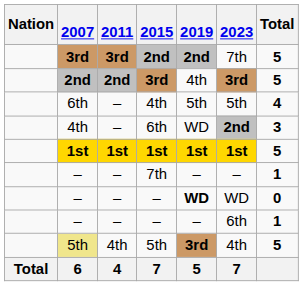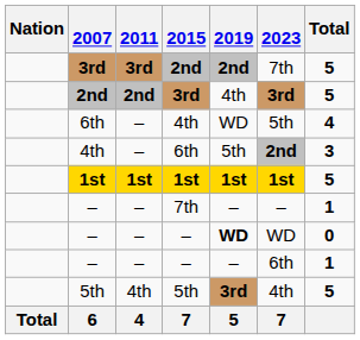 <table class="wikitable" style="text-align:center">
 <tr>
 <th>Nation</th>
 <th><br><a href='#'>2007</a></th>
 <th><br><a href='#'>2011</a></th>
 <th><br><a href='#'>2015</a></th>
 <th><br><a href='#'>2019</a></th>
 <th><br><a href='#'>2023</a></th>
 <th>Total</th>
 </tr>
 <tr>
 <td align=left></td>
 <td bgcolor=cc9966><strong>3rd</strong></td>
 <td bgcolor=cc9966><strong>3rd</strong></td>
 <td bgcolor=silver><strong>2nd</strong></td>
 <td bgcolor=silver><strong>2nd</strong></td>
 <td>7th</td>
 <td><strong>5</strong></td>
 </tr>
 <tr>
 <td align=left></td>
 <td bgcolor=silver><strong>2nd</strong></td>
 <td bgcolor=silver><strong>2nd</strong></td>
 <td bgcolor=cc9966><strong>3rd</strong></td>
 <td>4th</td>
 <td bgcolor=cc9966><strong>3rd</strong></td>
 <td><strong>5</strong></td>
 </tr>
 <tr>
 <td align=left></td>
 <td>6th</td>
 <td>–</td>
 <td>4th</td>
-<td>5th</td>
+<td>WD</td>
 <td>5th</td>
 <td><strong>4</strong></td>
 </tr>
 <tr>
 <td align=left></td>
 <td>4th</td>
 <td>–</td>
 <td>6th</td>
-<td>WD</td>
+<td>5th</td>
 <td bgcolor=silver><strong>2nd</strong></td>
 <td><strong>3</strong></td>
 </tr>
 <tr>
 <td align=left></td>
 <td bgcolor=gold><strong>1st</strong></td>
 <td bgcolor=gold><strong>1st</strong></td>
 <td bgcolor=gold><strong>1st</strong></td>
 <td bgcolor=gold><strong>1st</strong></td>
 <td bgcolor=gold><strong>1st</strong></td>
 <td><strong>5</strong></td>
 </tr>
 <tr>
 <td align=left></td>
 <td>–</td>
 <td>–</td>
 <td>7th</td>
 <td>–</td>
 <td>–</td>
 <td><strong>1</strong></td>
 </tr>
 <tr>
 <td align=left></td>
 <td>–</td>
 <td>–</td>
 <td>–</td>
 <td><strong>WD</strong></td>
 <td>WD</td>
 <td><strong>0</strong></td>
 </tr>
 <tr>
 <td align=left></td>
 <td>–</td>
 <td>–</td>
 <td>–</td>
 <td>–</td>
 <td>6th</td>
 <td><strong>1</strong></td>
 </tr>
 <tr>
 <td align=left></td>
-<td style="background: khaki;">5th</td>
+<td>5th</td>
 <td>4th</td>
 <td>5th</td>
 <td bgcolor="cc9966"><strong>3rd</strong></td>
 <td>4th</td>
 <td><strong>5</strong></td>
 </tr>
 <tr>
 <th>Total</th>
 <th>6</th>
 <th>4</th>
 <th>7</th>
 <th>5</th>
 <th>7</th>
 <th></th>
 </tr>
 </table>
